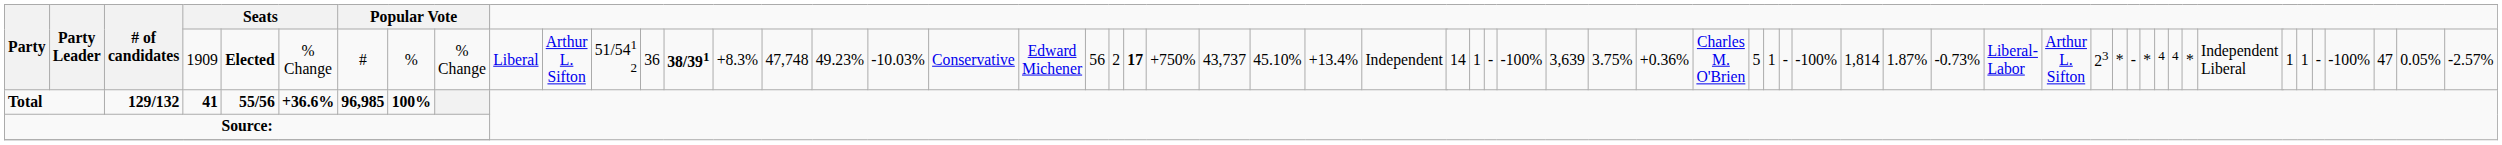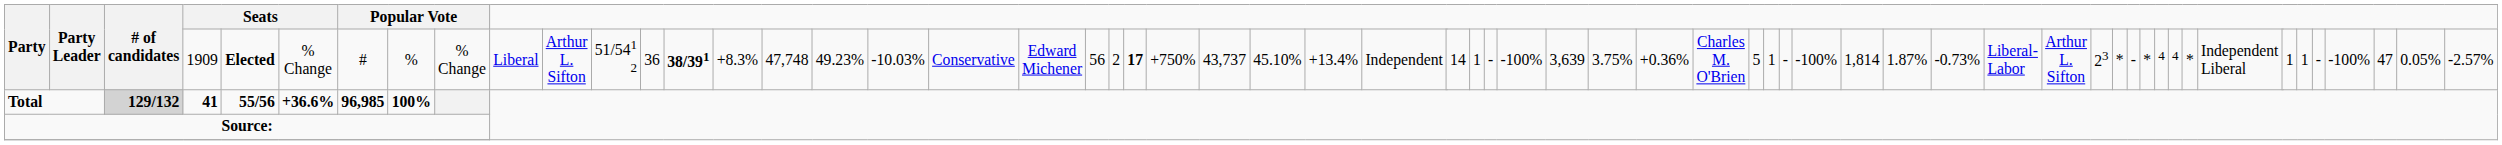 <table class="wikitable">
 <tr>
 <th rowspan=2 colspan=2>Party</th>
 <th rowspan=2>Party Leader</th>
 <th rowspan=2># of<br>candidates</th>
 <th colspan=3>Seats</th>
 <th colspan=3>Popular Vote</th>
 </tr>
 <tr>
 <td align="center">1909</td>
 <td align="center"><strong>Elected</strong></td>
 <td align="center">% Change</td>
 <td align="center">#</td>
 <td align="center">%</td>
 <td align="center">% Change<br></td>
 <td><a href='#'>Liberal</a></td>
 <td align="center"><a href='#'>Arthur L. Sifton</a></td>
 <td align="right">51/54<sup>1</sup> <sup>2</sup></td>
 <td align="right">36</td>
 <td align="right"><strong>38/39<sup>1</sup></strong></td>
 <td align="right">+8.3%</td>
 <td align="right">47,748</td>
 <td align="right">49.23%</td>
 <td align="right">-10.03%<br></td>
 <td><a href='#'>Conservative</a></td>
 <td align="center"><a href='#'>Edward Michener</a></td>
 <td align="right">56</td>
 <td align="right">2</td>
 <td align="right"><strong>17</strong></td>
 <td align="right">+750%</td>
 <td align="right">43,737</td>
 <td align="right">45.10%</td>
 <td align="right">+13.4%<br></td>
 <td colspan=2>Independent</td>
 <td align="right">14</td>
 <td align="right">1</td>
 <td align="right">-</td>
 <td align="right">-100%</td>
 <td align="right">3,639</td>
 <td align="right">3.75%</td>
 <td align="right">+0.36%<br></td>
 <td align="center"><a href='#'>Charles M. O'Brien</a></td>
 <td align="right">5</td>
 <td align="right">1</td>
 <td align="right">-</td>
 <td align="right">-100%</td>
 <td align="right">1,814</td>
 <td align="right">1.87%</td>
 <td align="right">-0.73%<br></td>
 <td><a href='#'>Liberal-Labor</a></td>
 <td align="center"><a href='#'>Arthur L. Sifton</a></td>
 <td align="right">2<sup>3</sup></td>
 <td align="right">*</td>
 <td align="right">-</td>
 <td align="right">*</td>
 <td align="right"><sup>4</sup></td>
 <td align="right"><sup>4</sup></td>
 <td align="right">*<br></td>
 <td colspan=2>Independent Liberal</td>
 <td align="right">1</td>
 <td align="right">1</td>
 <td align="right">-</td>
 <td align="right">-100%</td>
 <td align="right">47</td>
 <td align="right">0.05%</td>
 <td align="right">-2.57%</td>
 </tr>
 <tr>
 <td colspan=3><strong>Total</strong></td>
-<td align="right"><strong>129/132</strong></td>
+<td align="right" style="background: lightgrey;"><strong>129/132</strong></td>
 <td align="right"><strong>41</strong></td>
 <td align="right"><strong>55/56</strong></td>
 <td align="right"><strong>+36.6%</strong></td>
 <td align="right"><strong>96,985</strong></td>
 <td align="right"><strong>  100%</strong></td>
 <th> </th>
 </tr>
 <tr>
 <td align="center" colspan=10><strong>Source:</strong> </td>
 </tr>
 <tr>
 </tr>
 </table>
